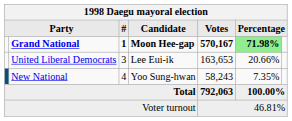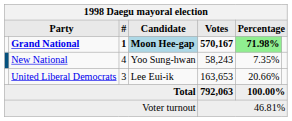 <table class="wikitable">
 <tr>
 <th colspan="7">1998 Daegu mayoral election</th>
 </tr>
 <tr>
 <th style="background-color:#E9E9E9" colspan=2>Party</th>
 <th style="background-color:#E9E9E9">#</th>
 <th style="background-color:#E9E9E9">Candidate</th>
 <th style="background-color:#E9E9E9">Votes</th>
 <th style="background-color:#E9E9E9" colspan=2>Percentage</th>
 </tr>
 <tr style="font-weight:bold">
 <td></td>
 <td align=left><a href='#'>Grand National</a></td>
 <td align=center>1</td>
-<td align=left>Moon Hee-gap</td>
+<td align=left style="background: lightblue;">Moon Hee-gap</td>
 <td align=right>570,167</td>
 <td align=right style="background: lightgreen;">71.98%</td>
+<td align=right></td>
+</tr>
+<tr>
+<td bgcolor="#05517E"></td>
+<td align=left><a href='#'>New National</a></td>
+<td align=center>4</td>
+<td align=left>Yoo Sung-hwan</td>
+<td align=right>58,243</td>
+<td align=right>7.35%</td>
 <td align=right></td>
 </tr>
 <tr>
 <td></td>
 <td align=left><a href='#'>United Liberal Democrats</a></td>
 <td align=center>3</td>
 <td align=left>Lee Eui-ik</td>
 <td align=right>163,653</td>
 <td align=right>20.66%</td>
-<td align=right></td>
-</tr>
-<tr>
-<td bgcolor="#05517E"></td>
-<td align=left><a href='#'>New National</a></td>
-<td align=center>4</td>
-<td align=left>Yoo Sung-hwan</td>
-<td align=right>58,243</td>
-<td align=right>7.35%</td>
 <td align=right></td>
 </tr>
 <tr bgcolor="#EEEEEE" style="font-weight:bold">
 <td colspan="4" align=right>Total</td>
 <td align=right>792,063</td>
 <td align=right colspan=2>100.00%</td>
 </tr>
 <tr bgcolor="#EEEEEE">
 <td colspan="4" align="right">Voter turnout</td>
 <td colspan="3" align="right">46.81%</td>
 </tr>
 </table>
